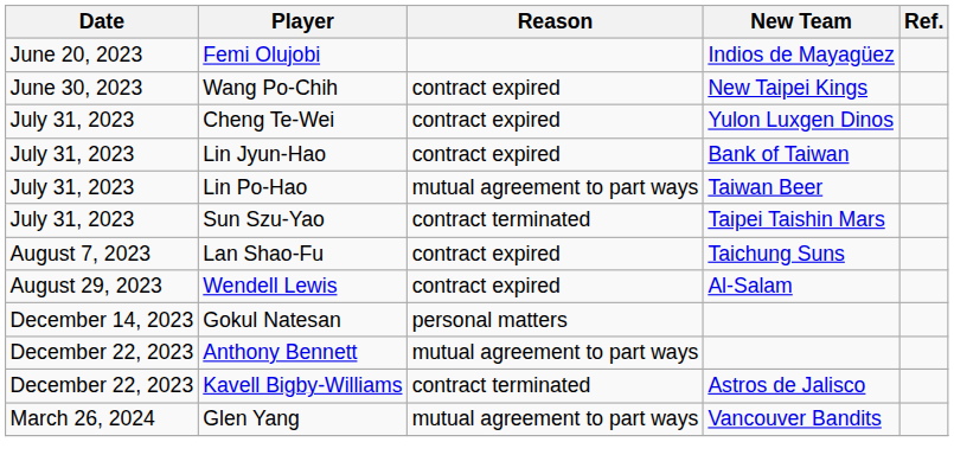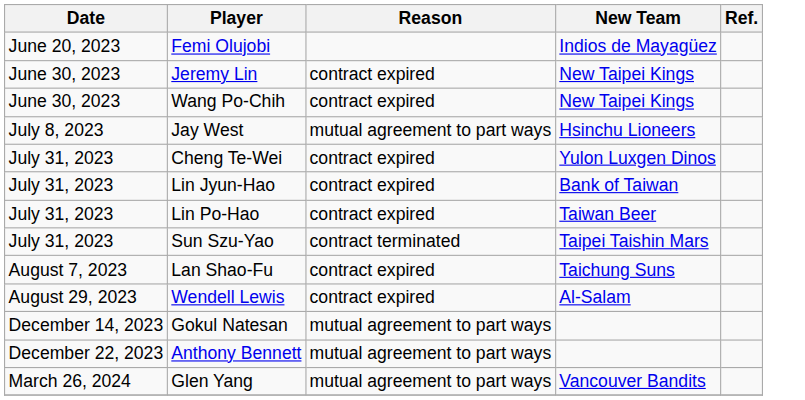 <table class="wikitable">
 <tr>
 <th>Date</th>
 <th>Player</th>
 <th>Reason</th>
 <th>New Team</th>
 <th>Ref.</th>
 </tr>
 <tr>
 <td>June 20, 2023</td>
 <td><a href='#'>Femi Olujobi</a></td>
 <td></td>
 <td><a href='#'>Indios de Mayagüez</a></td>
 <td></td>
 </tr>
 <tr>
 <td>June 30, 2023</td>
+<td><a href='#'>Jeremy Lin</a></td>
+<td>contract expired</td>
+<td><a href='#'>New Taipei Kings</a></td>
+<td></td>
+</tr>
+<tr>
+<td>June 30, 2023</td>
 <td>Wang Po-Chih</td>
 <td>contract expired</td>
 <td><a href='#'>New Taipei Kings</a></td>
+<td></td>
+</tr>
+<tr>
+<td>July 8, 2023</td>
+<td>Jay West</td>
+<td>mutual agreement to part ways</td>
+<td><a href='#'>Hsinchu Lioneers</a></td>
 <td></td>
 </tr>
 <tr>
 <td>July 31, 2023</td>
 <td>Cheng Te-Wei</td>
 <td>contract expired</td>
 <td><a href='#'>Yulon Luxgen Dinos</a></td>
 <td></td>
 </tr>
 <tr>
 <td>July 31, 2023</td>
 <td>Lin Jyun-Hao</td>
 <td>contract expired</td>
 <td><a href='#'>Bank of Taiwan</a></td>
 <td></td>
 </tr>
 <tr>
 <td>July 31, 2023</td>
 <td>Lin Po-Hao</td>
-<td>mutual agreement to part ways</td>
+<td>contract expired</td>
 <td><a href='#'>Taiwan Beer</a></td>
 <td></td>
 </tr>
 <tr>
 <td>July 31, 2023</td>
 <td>Sun Szu-Yao</td>
 <td>contract terminated</td>
 <td><a href='#'>Taipei Taishin Mars</a></td>
 <td></td>
 </tr>
 <tr>
 <td>August 7, 2023</td>
 <td>Lan Shao-Fu</td>
 <td>contract expired</td>
 <td><a href='#'>Taichung Suns</a></td>
 <td></td>
 </tr>
 <tr>
 <td>August 29, 2023</td>
 <td><a href='#'>Wendell Lewis</a></td>
 <td>contract expired</td>
 <td><a href='#'>Al-Salam</a></td>
 <td></td>
 </tr>
 <tr>
 <td>December 14, 2023</td>
 <td>Gokul Natesan</td>
-<td>personal matters</td>
+<td>mutual agreement to part ways</td>
 <td></td>
 <td></td>
 </tr>
 <tr>
 <td>December 22, 2023</td>
 <td><a href='#'>Anthony Bennett</a></td>
 <td>mutual agreement to part ways</td>
 <td></td>
-<td></td>
-</tr>
-<tr>
-<td>December 22, 2023</td>
-<td><a href='#'>Kavell Bigby-Williams</a></td>
-<td>contract terminated</td>
-<td><a href='#'>Astros de Jalisco</a></td>
 <td></td>
 </tr>
 <tr>
 <td>March 26, 2024</td>
 <td>Glen Yang</td>
 <td>mutual agreement to part ways</td>
 <td><a href='#'>Vancouver Bandits</a></td>
 <td></td>
 </tr>
 <tr>
 </tr>
 </table>
